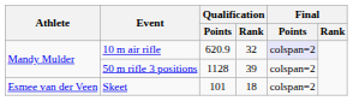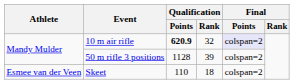 <table class="wikitable" style="text-align:center; font-size:90%">
 <tr>
 <th rowspan=2>Athlete</th>
 <th rowspan=2>Event</th>
 <th colspan=2>Qualification</th>
 <th colspan=2>Final</th>
 </tr>
 <tr style="font-size:95%">
 <th>Points</th>
 <th>Rank</th>
 <th>Points</th>
 <th>Rank</th>
 </tr>
 <tr>
 <td rowspan=2 align=left><a href='#'>Mandy Mulder</a></td>
 <td align=left><a href='#'>10 m air rifle</a></td>
-<td>620.9</td>
+<td><strong>620.9</strong></td>
 <td>32</td>
 <td style="background: lavender;">colspan=2 </td>
 </tr>
 <tr>
 <td align=left><a href='#'>50 m rifle 3 positions</a></td>
 <td>1128</td>
 <td>39</td>
 <td>colspan=2 </td>
 </tr>
 <tr>
 <td align=left><a href='#'>Esmee van der Veen</a></td>
 <td align=left><a href='#'>Skeet</a></td>
-<td>101</td>
+<td>110</td>
 <td>18</td>
 <td>colspan=2 </td>
 </tr>
 </table>
